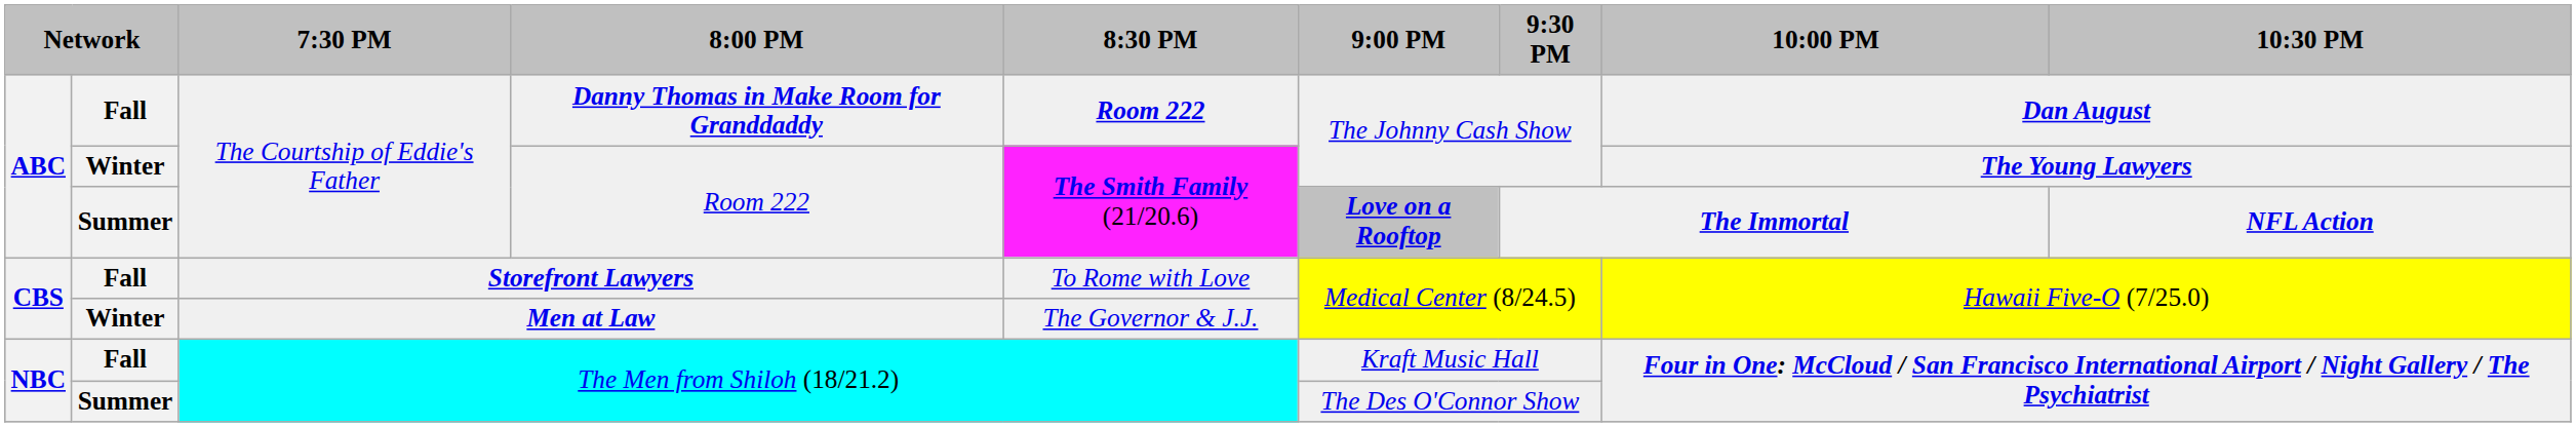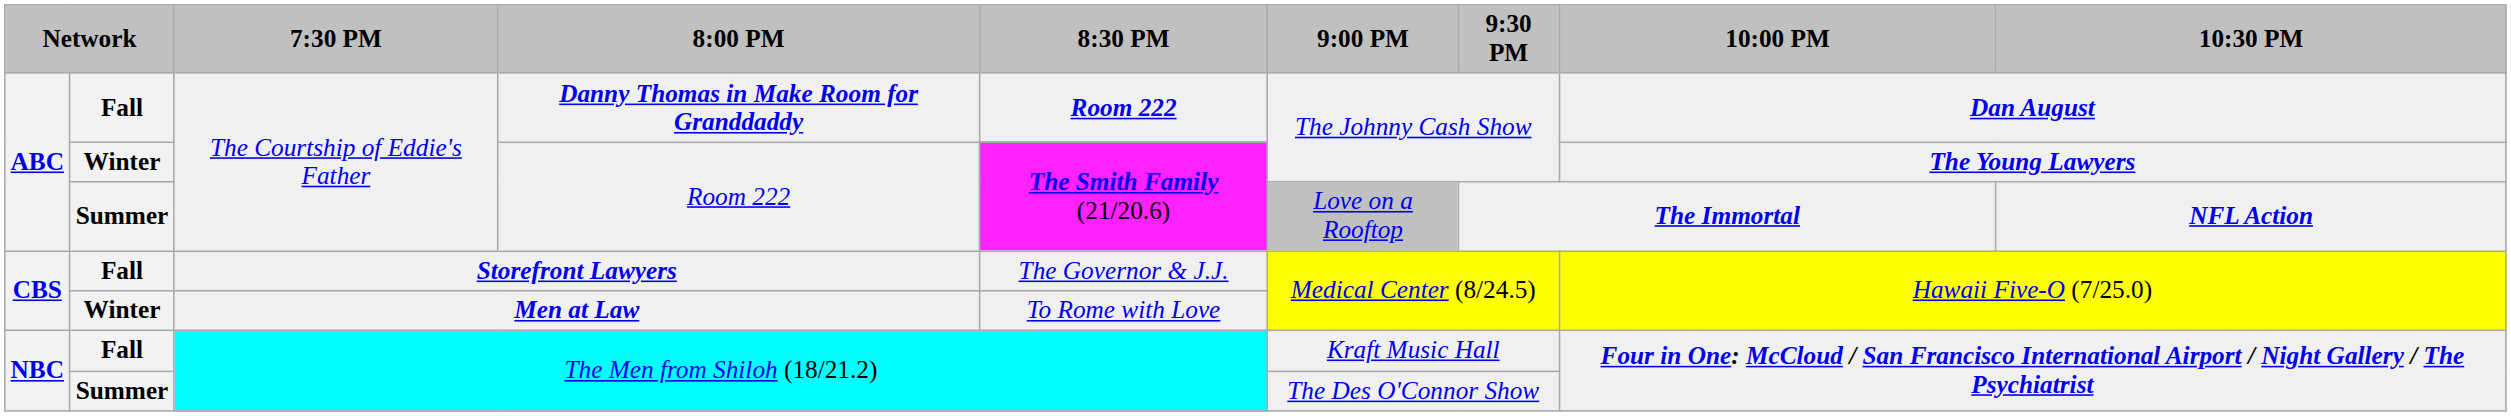 <table class="wikitable plainrowheaders" style="width:100%; margin:auto; text-align:center;">
 <tr>
 <th colspan="2" style="background-color:#C0C0C0;text-align:center">Network</th>
 <th style="background-color:#C0C0C0;text-align:center">7:30 PM</th>
 <th style="background-color:#C0C0C0;text-align:center">8:00 PM</th>
 <th style="background-color:#C0C0C0;text-align:center">8:30 PM</th>
 <th style="background-color:#C0C0C0;text-align:center">9:00 PM</th>
 <th style="background-color:#C0C0C0;text-align:center">9:30 PM</th>
 <th style="background-color:#C0C0C0;text-align:center">10:00 PM</th>
 <th style="background-color:#C0C0C0;text-align:center">10:30 PM</th>
 </tr>
 <tr>
 <th bgcolor="#C0C0C0" rowspan="3"><a href='#'>ABC</a></th>
 <th>Fall</th>
 <td bgcolor="#F0F0F0" rowspan="3"><em><a href='#'>The Courtship of Eddie's Father</a></em></td>
 <td bgcolor="#F0F0F0"><strong><em><a href='#'>Danny Thomas in Make Room for Granddaddy</a></em></strong></td>
 <td bgcolor="#F0F0F0"><strong><em><a href='#'>Room 222</a></em></strong></td>
 <td bgcolor="#F0F0F0" colspan="2" rowspan="2"><em><a href='#'>The Johnny Cash Show</a></em></td>
 <td bgcolor="#F0F0F0" colspan="2"><strong><em><a href='#'>Dan August</a></em></strong></td>
 </tr>
 <tr>
 <th>Winter</th>
 <td bgcolor="#F0F0F0" rowspan="2"><em><a href='#'>Room 222</a></em></td>
 <td bgcolor="#FF22FF" rowspan="2"><strong><em><a href='#'>The Smith Family</a></em></strong> (21/20.6)</td>
 <td bgcolor="#F0F0F0" colspan="2"><strong><em><a href='#'>The Young Lawyers</a></em></strong></td>
 </tr>
 <tr>
 <th>Summer</th>
-<td bgcolor="#C0C0C0"><strong><em><a href='#'>Love on a Rooftop</a></em> </strong></td>
+<td bgcolor="#C0C0C0"><em><a href='#'>Love on a Rooftop</a></em> </td>
 <td bgcolor="#F0F0F0" colspan="2"><strong><em><a href='#'>The Immortal</a></em></strong></td>
 <td bgcolor="#F0F0F0"><strong><em><a href='#'>NFL Action</a></em></strong></td>
 </tr>
 <tr>
 <th bgcolor="#C0C0C0" rowspan="2"><a href='#'>CBS</a></th>
 <th>Fall</th>
 <td bgcolor="#F0F0F0" colspan="2"><strong><em><a href='#'>Storefront Lawyers</a></em></strong></td>
-<td bgcolor="#F0F0F0"><em><a href='#'>To Rome with Love</a></em></td>
+<td bgcolor="#F0F0F0"><em><a href='#'>The Governor & J.J.</a></em></td>
 <td bgcolor="#FFFF00" rowspan="2" colspan="2"><em><a href='#'>Medical Center</a></em> (8/24.5)</td>
 <td bgcolor="#FFFF00" rowspan="2" colspan="2"><em><a href='#'>Hawaii Five-O</a></em> (7/25.0)</td>
 </tr>
 <tr>
 <th>Winter</th>
 <td bgcolor="#F0F0F0" colspan="2"><strong><em><a href='#'>Men at Law</a></em></strong></td>
-<td bgcolor="#F0F0F0"><em><a href='#'>The Governor & J.J.</a></em></td>
+<td bgcolor="#F0F0F0"><em><a href='#'>To Rome with Love</a></em></td>
 </tr>
 <tr>
 <th rowspan="2" bgcolor="#C0C0C0"><a href='#'>NBC</a></th>
 <th>Fall</th>
 <td colspan="3" rowspan="2" bgcolor="#00FFFF"><em><a href='#'>The Men from Shiloh</a></em> (18/21.2)</td>
 <td bgcolor="#F0F0F0" colspan="2"><em><a href='#'>Kraft Music Hall</a></em></td>
 <td colspan="2" rowspan="2" bgcolor="#F0F0F0"><strong><em><a href='#'>Four in One</a>: <a href='#'>McCloud</a> / <a href='#'>San Francisco International Airport</a> / <a href='#'>Night Gallery</a> / <a href='#'>The Psychiatrist</a></em></strong></td>
 </tr>
 <tr>
 <th>Summer</th>
 <td colspan="2" bgcolor="#F0F0F0"><em><a href='#'>The Des O'Connor Show</a></em></td>
 </tr>
 </table>
